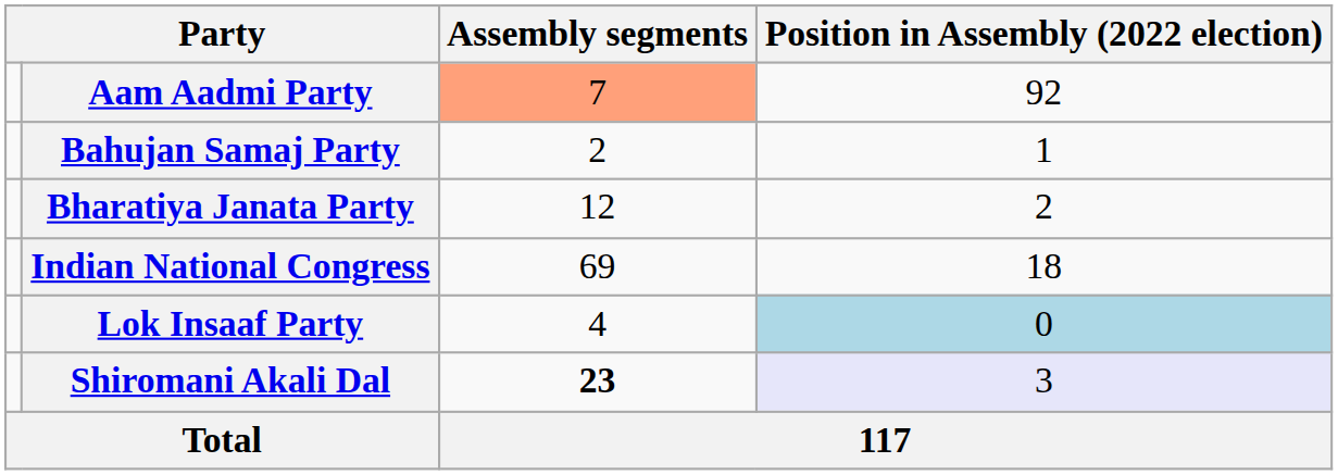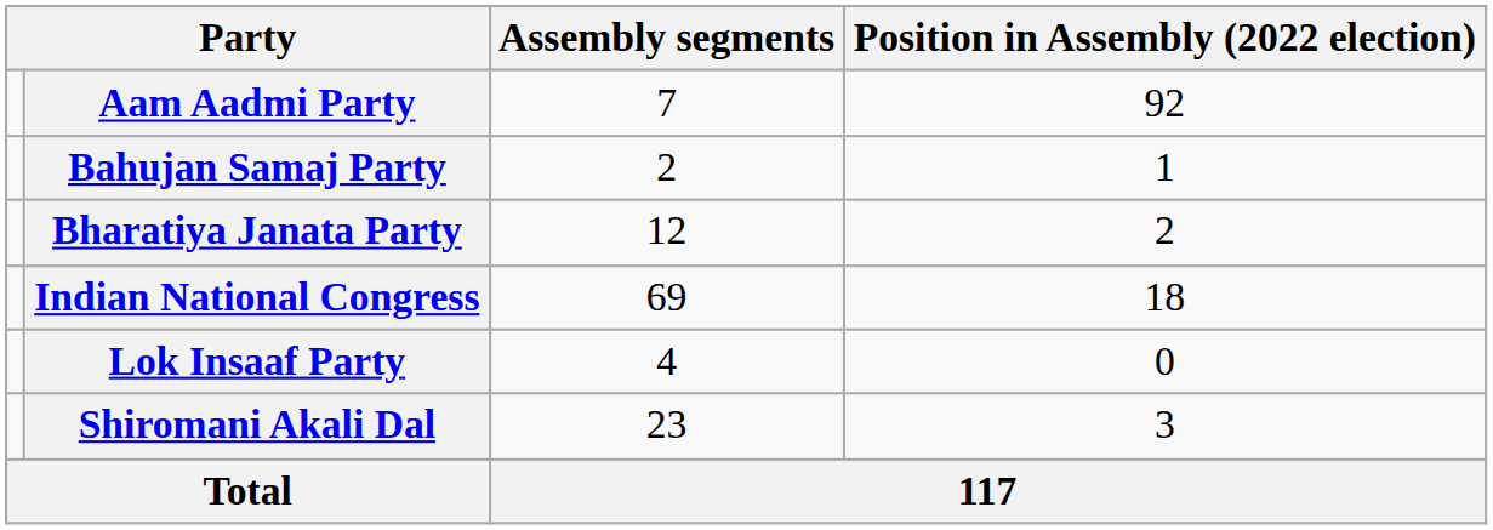 <table class="wikitable" style="text-align:center">
 <tr>
 <th colspan="2">Party</th>
 <th>Assembly segments</th>
 <th>Position in Assembly (2022 election)</th>
 </tr>
 <tr>
 <td style="background-color: "></td>
 <th><a href='#'>Aam Aadmi Party</a></th>
-<td style="background: lightsalmon;">7</td>
+<td>7</td>
 <td>92</td>
 </tr>
 <tr>
 <td style="background-color: "></td>
 <th><a href='#'>Bahujan Samaj Party</a></th>
 <td>2</td>
 <td>1</td>
 </tr>
 <tr>
 <td style="background-color: "></td>
 <th><a href='#'>Bharatiya Janata Party</a></th>
 <td>12</td>
 <td>2</td>
 </tr>
 <tr>
 <td style="background-color: "></td>
 <th><a href='#'>Indian National Congress</a></th>
 <td>69</td>
 <td>18</td>
 </tr>
 <tr>
 <td style="background-color: "></td>
 <th><a href='#'>Lok Insaaf Party</a></th>
 <td>4</td>
-<td style="background: lightblue;">0</td>
+<td>0</td>
 </tr>
 <tr>
 <td style="background-color: "></td>
 <th><a href='#'>Shiromani Akali Dal</a></th>
-<td><strong>23</strong></td>
-<td style="background: lavender;">3</td>
+<td>23</td>
+<td>3</td>
 </tr>
 <tr>
 <th colspan="2">Total</th>
 <th colspan="2">117</th>
 </tr>
 </table>
